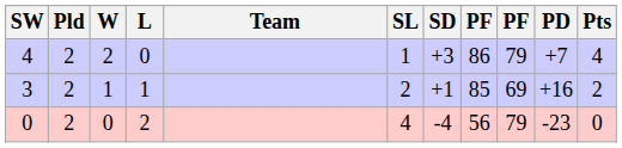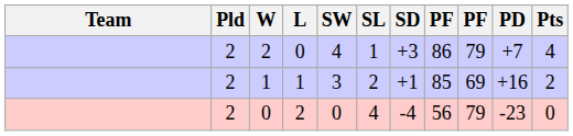 <table class=wikitable style="text-align:center">
 <tr>
-<th width=20>SW</th>
+<th width=160>Team</th>
 <th width=20>Pld</th>
 <th width=20>W</th>
 <th width=20>L</th>
-<th width=160>Team</th>
+<th width=20>SW</th>
 <th width=20>SL</th>
 <th width=20>SD</th>
 <th width=20>PF</th>
 <th width=20>PF</th>
 <th width=20>PD</th>
 <th width=20>Pts</th>
 </tr>
 <tr bgcolor="ccccff">
-<td>4</td>
+<td align=left></td>
 <td>2</td>
 <td>2</td>
 <td>0</td>
-<td align=left></td>
+<td>4</td>
 <td>1</td>
 <td>+3</td>
 <td>86</td>
 <td>79</td>
 <td>+7</td>
 <td>4</td>
 </tr>
 <tr bgcolor="ccccff">
-<td>3</td>
+<td align=left></td>
 <td>2</td>
 <td>1</td>
 <td>1</td>
-<td align=left></td>
+<td>3</td>
 <td>2</td>
 <td>+1</td>
 <td>85</td>
 <td>69</td>
 <td>+16</td>
 <td>2</td>
 </tr>
 <tr bgcolor="ffcccc">
+<td align=left></td>
+<td>2</td>
 <td>0</td>
 <td>2</td>
 <td>0</td>
-<td>2</td>
-<td align=left></td>
 <td>4</td>
 <td>-4</td>
 <td>56</td>
 <td>79</td>
 <td>-23</td>
 <td>0</td>
 </tr>
 </table>
